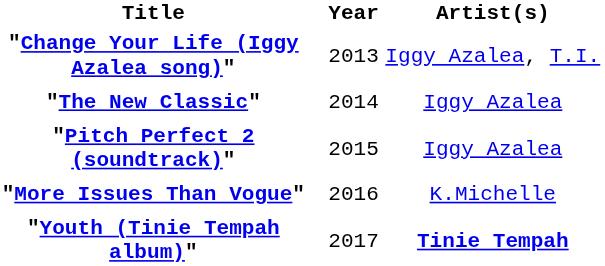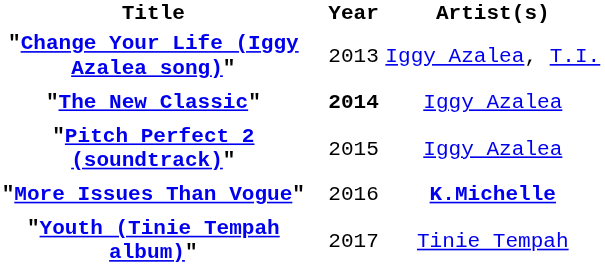 <table class="wiki table plainrowheaders" style="text-align:center;">
 <tr>
 <th scope="col" style="width:16em;">Title</th>
 <th scope="col">Year</th>
 <th scope="col">Artist(s)</th>
 </tr>
 <tr>
 <th scope="row">"<a href='#'>Change Your Life (Iggy Azalea song)</a>"</th>
 <td>2013</td>
 <td><a href='#'>Iggy Azalea</a>, <a href='#'>T.I.</a></td>
 </tr>
 <tr>
 </tr>
 <tr>
 <th scope="row">"<a href='#'>The New Classic</a>"</th>
-<td>2014</td>
+<td><strong>2014</strong></td>
 <td><a href='#'>Iggy Azalea</a></td>
 </tr>
 <tr>
 </tr>
 <tr>
 <th scope="row">"<a href='#'>Pitch Perfect 2 (soundtrack)</a>"</th>
 <td>2015</td>
 <td><a href='#'>Iggy Azalea</a></td>
 </tr>
 <tr>
 </tr>
 <tr>
 <th scope="row">"<a href='#'>More Issues Than Vogue</a>"</th>
 <td>2016</td>
-<td><a href='#'>K.Michelle</a></td>
+<td><strong><a href='#'>K.Michelle</a></strong></td>
 </tr>
 <tr>
 </tr>
 <tr>
 <th scope="row">"<a href='#'>Youth (Tinie Tempah album)</a>"</th>
 <td>2017</td>
-<td><strong><a href='#'>Tinie Tempah</a></strong></td>
+<td><a href='#'>Tinie Tempah</a></td>
 </tr>
 </table>
